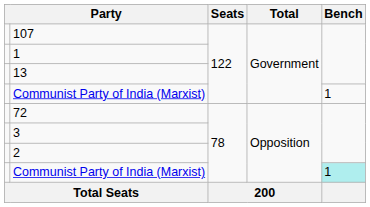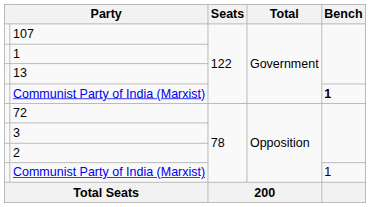 <table class="wikitable sortable">
 <tr>
 <th colspan="2">Party</th>
 <th>Seats</th>
 <th>Total</th>
 <th>Bench</th>
 </tr>
 <tr>
 <td></td>
 <td>107</td>
 <td rowspan=4>122</td>
 <td rowspan=4>Government</td>
 </tr>
 <tr>
 <td></td>
 <td>1</td>
 </tr>
 <tr>
 <td></td>
 <td>13</td>
 </tr>
 <tr>
 <td bgcolor=></td>
 <td><a href='#'>Communist Party of India (Marxist)</a></td>
-<td>1</td>
+<td><strong>1</strong></td>
 </tr>
 <tr>
 <td></td>
 <td>72</td>
 <td rowspan=4>78</td>
 <td rowspan=4>Opposition</td>
 </tr>
 <tr>
 <td></td>
 <td>3</td>
 </tr>
 <tr>
 <td></td>
 <td>2</td>
 </tr>
 <tr>
 <td bgcolor=></td>
 <td><a href='#'>Communist Party of India (Marxist)</a></td>
-<td style="background: paleturquoise;">1</td>
+<td>1</td>
 </tr>
 <tr>
 <th colspan="2">Total Seats</th>
 <th colspan="2">200</th>
 <th></th>
 </tr>
 </table>
